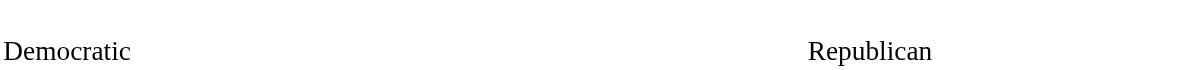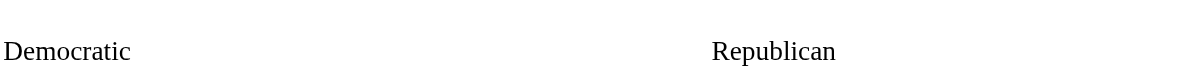 <table style="width:70%; text-align:center;">
 <tr style="color:white;">
 <td style="background:"><strong>182</strong></td>
+<td style="background:"><strong>103</strong></td>
 <td style="background:"><strong>8</strong></td>
-<td style="background:"><strong>103</strong></td>
 </tr>
 <tr>
 <td>Democratic</td>
+<td>Republican</td>
 <td></td>
-<td>Republican</td>
 </tr>
 </table>
